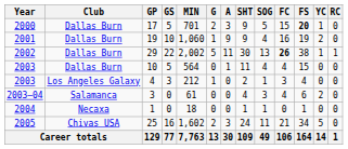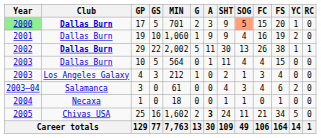 <table class="wikitable" style="text-align: center;">
 <tr>
 <th>Year</th>
 <th>Club</th>
 <th>GP</th>
 <th>GS</th>
 <th>MIN</th>
 <th>G</th>
 <th>A</th>
 <th>SHT</th>
 <th>SOG</th>
 <th>FC</th>
 <th>FS</th>
 <th>YC</th>
 <th>RC</th>
 </tr>
 <tr>
-<td><a href='#'>2000</a></td>
-<td><a href='#'>Dallas Burn</a></td>
+<td style="background: lightgreen;"><a href='#'>2000</a></td>
+<td><strong><a href='#'>Dallas Burn</a></strong></td>
 <td>17</td>
 <td>5</td>
 <td>701</td>
 <td>2</td>
 <td>3</td>
 <td>9</td>
-<td>5</td>
+<td style="background: lightsalmon;">5</td>
 <td>15</td>
-<td><strong>20</strong></td>
+<td>20</td>
 <td>1</td>
 <td>0</td>
 </tr>
 <tr>
 <td><a href='#'>2001</a></td>
 <td><a href='#'>Dallas Burn</a></td>
 <td>19</td>
 <td>10</td>
 <td>1,060</td>
 <td>1</td>
 <td>9</td>
 <td>9</td>
 <td>4</td>
 <td>16</td>
 <td>19</td>
 <td>2</td>
 <td>0</td>
 </tr>
 <tr>
 <td><a href='#'>2002</a></td>
-<td><a href='#'>Dallas Burn</a></td>
+<td><strong><a href='#'>Dallas Burn</a></strong></td>
 <td>29</td>
 <td>22</td>
 <td>2,002</td>
 <td>5</td>
 <td>11</td>
 <td>30</td>
 <td>13</td>
-<td><strong>26</strong></td>
+<td>26</td>
 <td>38</td>
 <td>1</td>
 <td>1</td>
 </tr>
 <tr>
 <td><a href='#'>2003</a></td>
 <td><a href='#'>Dallas Burn</a></td>
 <td>10</td>
 <td>5</td>
 <td>564</td>
 <td>0</td>
 <td>1</td>
 <td>11</td>
 <td>4</td>
 <td>4</td>
 <td>15</td>
 <td>0</td>
 <td>0</td>
 </tr>
 <tr>
 <td><a href='#'>2003</a></td>
 <td><a href='#'>Los Angeles Galaxy</a></td>
 <td>4</td>
 <td>3</td>
 <td>212</td>
 <td>1</td>
 <td>0</td>
 <td>2</td>
 <td>1</td>
 <td>3</td>
 <td>4</td>
 <td>0</td>
 <td>0</td>
 </tr>
 <tr>
 <td><a href='#'>2003–04</a></td>
 <td><a href='#'>Salamanca</a></td>
 <td>3</td>
 <td>0</td>
 <td>61</td>
 <td>0</td>
 <td>0</td>
 <td>4</td>
 <td>3</td>
 <td>4</td>
 <td>6</td>
 <td>2</td>
 <td>0</td>
 </tr>
 <tr>
 <td><a href='#'>2004</a></td>
 <td><a href='#'>Necaxa</a></td>
 <td>1</td>
 <td>0</td>
 <td>18</td>
 <td>0</td>
 <td>0</td>
 <td>1</td>
 <td>1</td>
 <td>0</td>
 <td>1</td>
 <td>0</td>
 <td>0</td>
 </tr>
 <tr>
 <td><a href='#'>2005</a></td>
 <td><a href='#'>Chivas USA</a></td>
 <td>25</td>
 <td>16</td>
 <td>1,602</td>
 <td>2</td>
-<td>3</td>
+<td><strong>3</strong></td>
 <td>24</td>
 <td>11</td>
 <td>21</td>
 <td>34</td>
 <td>5</td>
 <td>0</td>
 </tr>
 <tr>
 <th colspan="2">Career totals</th>
 <th>129</th>
 <th>77</th>
 <th>7,763</th>
 <th>13</th>
 <th>30</th>
 <th>109</th>
 <th>49</th>
 <th>106</th>
 <th>164</th>
 <th>14</th>
 <th>1</th>
 </tr>
 </table>
